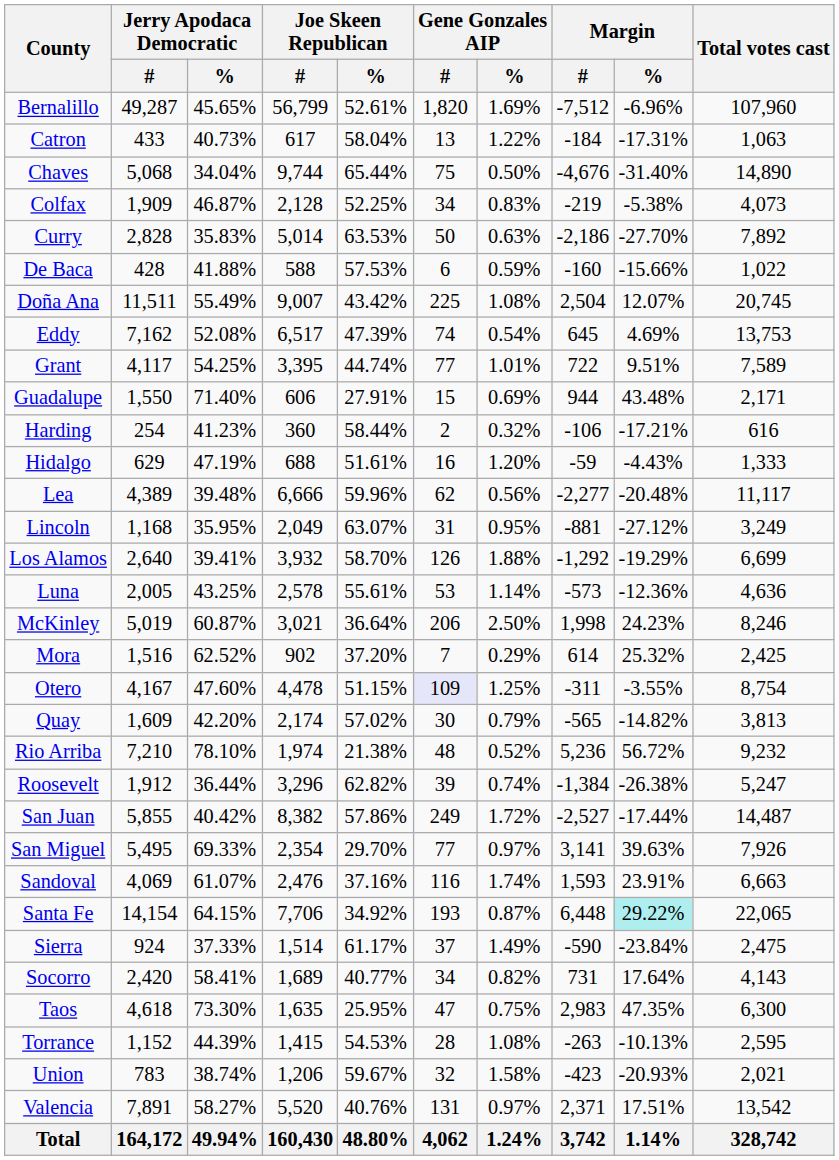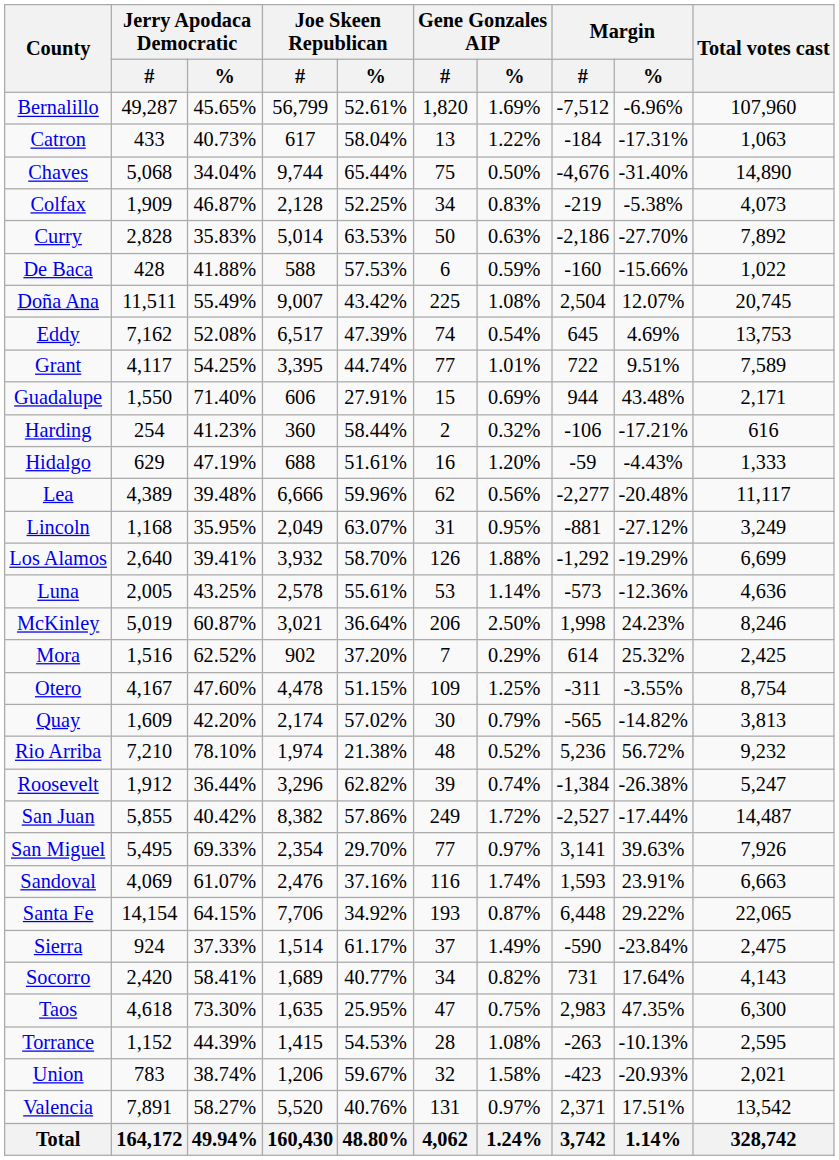 <table class="wikitable sortable" style="text-align:center">
 <tr>
 <th style="text-align:center;" rowspan="2">County</th>
 <th style="text-align:center;" colspan="2">Jerry Apodaca<br>Democratic</th>
 <th style="text-align:center;" colspan="2">Joe Skeen<br>Republican</th>
 <th style="text-align:center;" colspan="2">Gene Gonzales<br>AIP</th>
 <th style="text-align:center;" colspan="2">Margin</th>
 <th style="text-align:center;" rowspan="2">Total votes cast</th>
 </tr>
 <tr>
 <th style="text-align:center;" data-sort-type="number">#</th>
 <th style="text-align:center;" data-sort-type="number">%</th>
 <th style="text-align:center;" data-sort-type="number">#</th>
 <th style="text-align:center;" data-sort-type="number">%</th>
 <th style="text-align:center;" data-sort-type="number">#</th>
 <th style="text-align:center;" data-sort-type="number">%</th>
 <th style="text-align:center;" data-sort-type="number">#</th>
 <th style="text-align:center;" data-sort-type="number">%</th>
 </tr>
 <tr style="text-align:center;">
 <td><a href='#'>Bernalillo</a></td>
 <td>49,287</td>
 <td>45.65%</td>
 <td>56,799</td>
 <td>52.61%</td>
 <td>1,820</td>
 <td>1.69%</td>
 <td>-7,512</td>
 <td>-6.96%</td>
 <td>107,960</td>
 </tr>
 <tr style="text-align:center;">
 <td><a href='#'>Catron</a></td>
 <td>433</td>
 <td>40.73%</td>
 <td>617</td>
 <td>58.04%</td>
 <td>13</td>
 <td>1.22%</td>
 <td>-184</td>
 <td>-17.31%</td>
 <td>1,063</td>
 </tr>
 <tr style="text-align:center;">
 <td><a href='#'>Chaves</a></td>
 <td>5,068</td>
 <td>34.04%</td>
 <td>9,744</td>
 <td>65.44%</td>
 <td>75</td>
 <td>0.50%</td>
 <td>-4,676</td>
 <td>-31.40%</td>
 <td>14,890</td>
 </tr>
 <tr style="text-align:center;">
 <td><a href='#'>Colfax</a></td>
 <td>1,909</td>
 <td>46.87%</td>
 <td>2,128</td>
 <td>52.25%</td>
 <td>34</td>
 <td>0.83%</td>
 <td>-219</td>
 <td>-5.38%</td>
 <td>4,073</td>
 </tr>
 <tr style="text-align:center;">
 <td><a href='#'>Curry</a></td>
 <td>2,828</td>
 <td>35.83%</td>
 <td>5,014</td>
 <td>63.53%</td>
 <td>50</td>
 <td>0.63%</td>
 <td>-2,186</td>
 <td>-27.70%</td>
 <td>7,892</td>
 </tr>
 <tr style="text-align:center;">
 <td><a href='#'>De Baca</a></td>
 <td>428</td>
 <td>41.88%</td>
 <td>588</td>
 <td>57.53%</td>
 <td>6</td>
 <td>0.59%</td>
 <td>-160</td>
 <td>-15.66%</td>
 <td>1,022</td>
 </tr>
 <tr style="text-align:center;">
 <td><a href='#'>Doña Ana</a></td>
 <td>11,511</td>
 <td>55.49%</td>
 <td>9,007</td>
 <td>43.42%</td>
 <td>225</td>
 <td>1.08%</td>
 <td>2,504</td>
 <td>12.07%</td>
 <td>20,745</td>
 </tr>
 <tr style="text-align:center;">
 <td><a href='#'>Eddy</a></td>
 <td>7,162</td>
 <td>52.08%</td>
 <td>6,517</td>
 <td>47.39%</td>
 <td>74</td>
 <td>0.54%</td>
 <td>645</td>
 <td>4.69%</td>
 <td>13,753</td>
 </tr>
 <tr style="text-align:center;">
 <td><a href='#'>Grant</a></td>
 <td>4,117</td>
 <td>54.25%</td>
 <td>3,395</td>
 <td>44.74%</td>
 <td>77</td>
 <td>1.01%</td>
 <td>722</td>
 <td>9.51%</td>
 <td>7,589</td>
 </tr>
 <tr style="text-align:center;">
 <td><a href='#'>Guadalupe</a></td>
 <td>1,550</td>
 <td>71.40%</td>
 <td>606</td>
 <td>27.91%</td>
 <td>15</td>
 <td>0.69%</td>
 <td>944</td>
 <td>43.48%</td>
 <td>2,171</td>
 </tr>
 <tr style="text-align:center;">
 <td><a href='#'>Harding</a></td>
 <td>254</td>
 <td>41.23%</td>
 <td>360</td>
 <td>58.44%</td>
 <td>2</td>
 <td>0.32%</td>
 <td>-106</td>
 <td>-17.21%</td>
 <td>616</td>
 </tr>
 <tr style="text-align:center;">
 <td><a href='#'>Hidalgo</a></td>
 <td>629</td>
 <td>47.19%</td>
 <td>688</td>
 <td>51.61%</td>
 <td>16</td>
 <td>1.20%</td>
 <td>-59</td>
 <td>-4.43%</td>
 <td>1,333</td>
 </tr>
 <tr style="text-align:center;">
 <td><a href='#'>Lea</a></td>
 <td>4,389</td>
 <td>39.48%</td>
 <td>6,666</td>
 <td>59.96%</td>
 <td>62</td>
 <td>0.56%</td>
 <td>-2,277</td>
 <td>-20.48%</td>
 <td>11,117</td>
 </tr>
 <tr style="text-align:center;">
 <td><a href='#'>Lincoln</a></td>
 <td>1,168</td>
 <td>35.95%</td>
 <td>2,049</td>
 <td>63.07%</td>
 <td>31</td>
 <td>0.95%</td>
 <td>-881</td>
 <td>-27.12%</td>
 <td>3,249</td>
 </tr>
 <tr style="text-align:center;">
 <td><a href='#'>Los Alamos</a></td>
 <td>2,640</td>
 <td>39.41%</td>
 <td>3,932</td>
 <td>58.70%</td>
 <td>126</td>
 <td>1.88%</td>
 <td>-1,292</td>
 <td>-19.29%</td>
 <td>6,699</td>
 </tr>
 <tr style="text-align:center;">
 <td><a href='#'>Luna</a></td>
 <td>2,005</td>
 <td>43.25%</td>
 <td>2,578</td>
 <td>55.61%</td>
 <td>53</td>
 <td>1.14%</td>
 <td>-573</td>
 <td>-12.36%</td>
 <td>4,636</td>
 </tr>
 <tr style="text-align:center;">
 <td><a href='#'>McKinley</a></td>
 <td>5,019</td>
 <td>60.87%</td>
 <td>3,021</td>
 <td>36.64%</td>
 <td>206</td>
 <td>2.50%</td>
 <td>1,998</td>
 <td>24.23%</td>
 <td>8,246</td>
 </tr>
 <tr style="text-align:center;">
 <td><a href='#'>Mora</a></td>
 <td>1,516</td>
 <td>62.52%</td>
 <td>902</td>
 <td>37.20%</td>
 <td>7</td>
 <td>0.29%</td>
 <td>614</td>
 <td>25.32%</td>
 <td>2,425</td>
 </tr>
 <tr style="text-align:center;">
 <td><a href='#'>Otero</a></td>
 <td>4,167</td>
 <td>47.60%</td>
 <td>4,478</td>
 <td>51.15%</td>
-<td style="background: lavender;">109</td>
+<td>109</td>
 <td>1.25%</td>
 <td>-311</td>
 <td>-3.55%</td>
 <td>8,754</td>
 </tr>
 <tr style="text-align:center;">
 <td><a href='#'>Quay</a></td>
 <td>1,609</td>
 <td>42.20%</td>
 <td>2,174</td>
 <td>57.02%</td>
 <td>30</td>
 <td>0.79%</td>
 <td>-565</td>
 <td>-14.82%</td>
 <td>3,813</td>
 </tr>
 <tr style="text-align:center;">
 <td><a href='#'>Rio Arriba</a></td>
 <td>7,210</td>
 <td>78.10%</td>
 <td>1,974</td>
 <td>21.38%</td>
 <td>48</td>
 <td>0.52%</td>
 <td>5,236</td>
 <td>56.72%</td>
 <td>9,232</td>
 </tr>
 <tr style="text-align:center;">
 <td><a href='#'>Roosevelt</a></td>
 <td>1,912</td>
 <td>36.44%</td>
 <td>3,296</td>
 <td>62.82%</td>
 <td>39</td>
 <td>0.74%</td>
 <td>-1,384</td>
 <td>-26.38%</td>
 <td>5,247</td>
 </tr>
 <tr style="text-align:center;">
 <td><a href='#'>San Juan</a></td>
 <td>5,855</td>
 <td>40.42%</td>
 <td>8,382</td>
 <td>57.86%</td>
 <td>249</td>
 <td>1.72%</td>
 <td>-2,527</td>
 <td>-17.44%</td>
 <td>14,487</td>
 </tr>
 <tr style="text-align:center;">
 <td><a href='#'>San Miguel</a></td>
 <td>5,495</td>
 <td>69.33%</td>
 <td>2,354</td>
 <td>29.70%</td>
 <td>77</td>
 <td>0.97%</td>
 <td>3,141</td>
 <td>39.63%</td>
 <td>7,926</td>
 </tr>
 <tr style="text-align:center;">
 <td><a href='#'>Sandoval</a></td>
 <td>4,069</td>
 <td>61.07%</td>
 <td>2,476</td>
 <td>37.16%</td>
 <td>116</td>
 <td>1.74%</td>
 <td>1,593</td>
 <td>23.91%</td>
 <td>6,663</td>
 </tr>
 <tr style="text-align:center;">
 <td><a href='#'>Santa Fe</a></td>
 <td>14,154</td>
 <td>64.15%</td>
 <td>7,706</td>
 <td>34.92%</td>
 <td>193</td>
 <td>0.87%</td>
 <td>6,448</td>
-<td style="background: paleturquoise;">29.22%</td>
+<td>29.22%</td>
 <td>22,065</td>
 </tr>
 <tr style="text-align:center;">
 <td><a href='#'>Sierra</a></td>
 <td>924</td>
 <td>37.33%</td>
 <td>1,514</td>
 <td>61.17%</td>
 <td>37</td>
 <td>1.49%</td>
 <td>-590</td>
 <td>-23.84%</td>
 <td>2,475</td>
 </tr>
 <tr style="text-align:center;">
 <td><a href='#'>Socorro</a></td>
 <td>2,420</td>
 <td>58.41%</td>
 <td>1,689</td>
 <td>40.77%</td>
 <td>34</td>
 <td>0.82%</td>
 <td>731</td>
 <td>17.64%</td>
 <td>4,143</td>
 </tr>
 <tr style="text-align:center;">
 <td><a href='#'>Taos</a></td>
 <td>4,618</td>
 <td>73.30%</td>
 <td>1,635</td>
 <td>25.95%</td>
 <td>47</td>
 <td>0.75%</td>
 <td>2,983</td>
 <td>47.35%</td>
 <td>6,300</td>
 </tr>
 <tr style="text-align:center;">
 <td><a href='#'>Torrance</a></td>
 <td>1,152</td>
 <td>44.39%</td>
 <td>1,415</td>
 <td>54.53%</td>
 <td>28</td>
 <td>1.08%</td>
 <td>-263</td>
 <td>-10.13%</td>
 <td>2,595</td>
 </tr>
 <tr style="text-align:center;">
 <td><a href='#'>Union</a></td>
 <td>783</td>
 <td>38.74%</td>
 <td>1,206</td>
 <td>59.67%</td>
 <td>32</td>
 <td>1.58%</td>
 <td>-423</td>
 <td>-20.93%</td>
 <td>2,021</td>
 </tr>
 <tr style="text-align:center;">
 <td><a href='#'>Valencia</a></td>
 <td>7,891</td>
 <td>58.27%</td>
 <td>5,520</td>
 <td>40.76%</td>
 <td>131</td>
 <td>0.97%</td>
 <td>2,371</td>
 <td>17.51%</td>
 <td>13,542</td>
 </tr>
 <tr style="text-align:center;">
 <th>Total</th>
 <th>164,172</th>
 <th>49.94%</th>
 <th>160,430</th>
 <th>48.80%</th>
 <th>4,062</th>
 <th>1.24%</th>
 <th>3,742</th>
 <th>1.14%</th>
 <th>328,742</th>
 </tr>
 </table>
